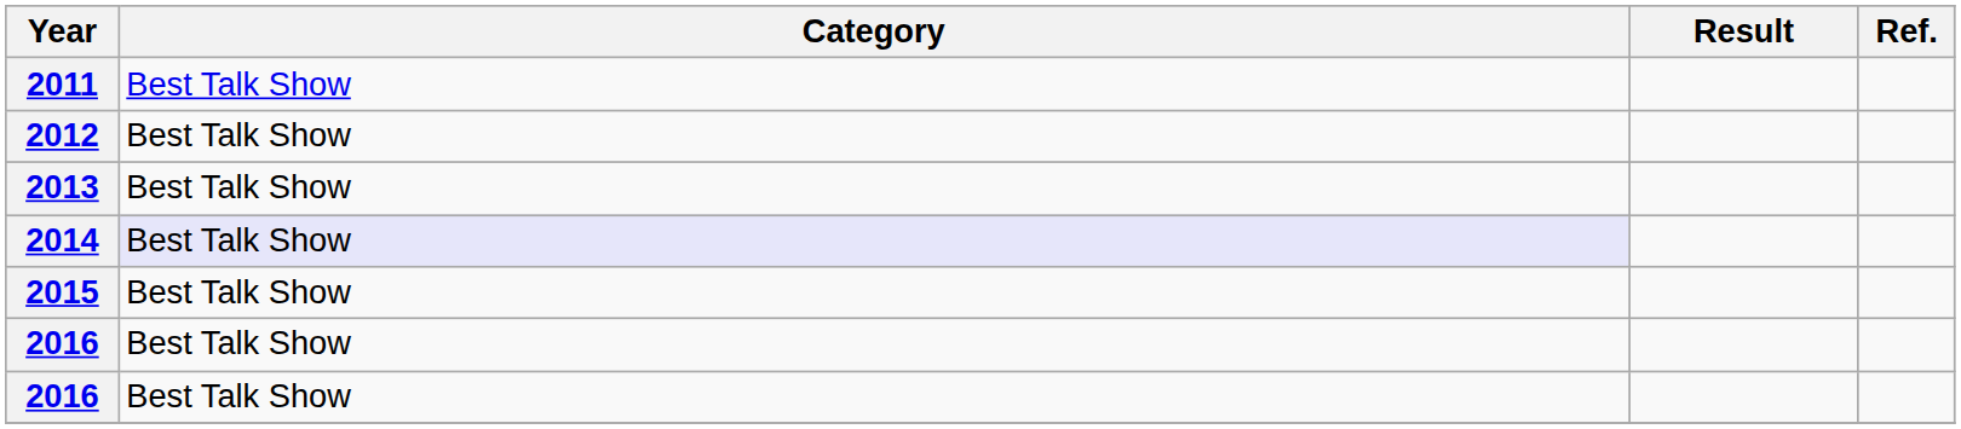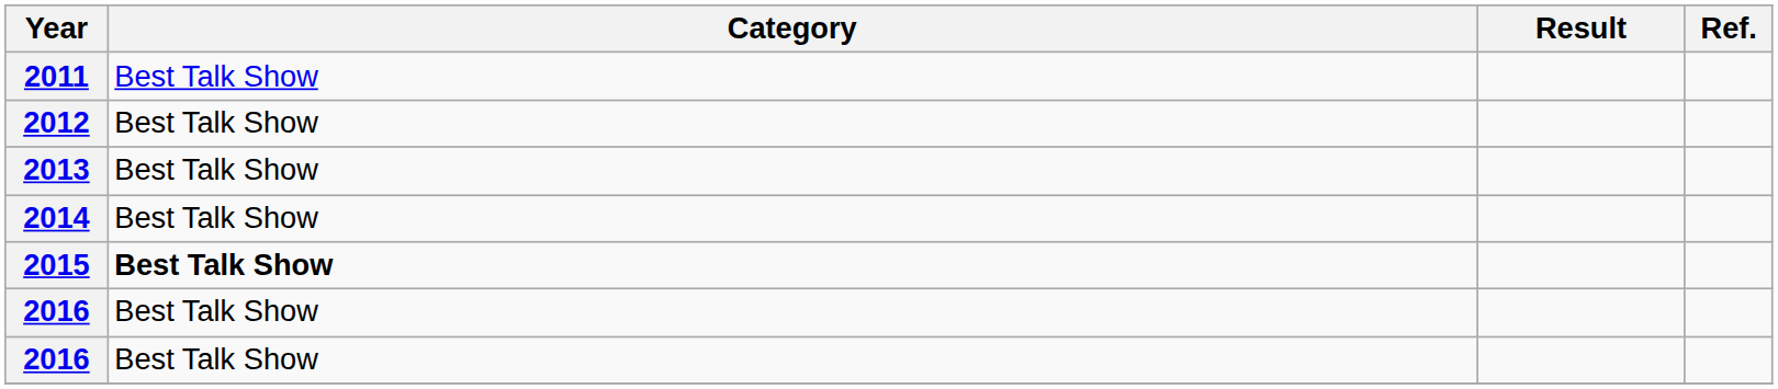 <table class="wikitable plainrowheaders" width=75%>
 <tr>
 <th scope="col" width="4%">Year</th>
 <th scope="col" width="59%">Category</th>
 <th scope="col" width="9%">Result</th>
 <th scope="col" width="3%">Ref.</th>
 </tr>
 <tr>
 <th scope="row"><a href='#'>2011</a></th>
 <td><a href='#'>Best Talk Show</a></td>
 <td></td>
 <td></td>
 </tr>
 <tr>
 <th scope="row"><a href='#'>2012</a></th>
 <td>Best Talk Show</td>
 <td></td>
 <td></td>
 </tr>
 <tr>
 <th scope="row"><a href='#'>2013</a></th>
 <td>Best Talk Show</td>
 <td></td>
 <td></td>
 </tr>
 <tr>
 <th scope="row"><a href='#'>2014</a></th>
-<td style="background: lavender;">Best Talk Show</td>
+<td>Best Talk Show</td>
 <td></td>
 <td></td>
 </tr>
 <tr>
 <th scope="row"><a href='#'>2015</a></th>
-<td>Best Talk Show</td>
+<td><strong>Best Talk Show</strong></td>
 <td></td>
 <td></td>
 </tr>
 <tr>
 <th scope="row"><a href='#'>2016</a></th>
 <td>Best Talk Show</td>
 <td></td>
 <td></td>
 </tr>
 <tr>
 <th scope="row"><a href='#'>2016</a></th>
 <td>Best Talk Show</td>
 <td></td>
 <td></td>
 </tr>
 <tr>
 </tr>
 </table>
